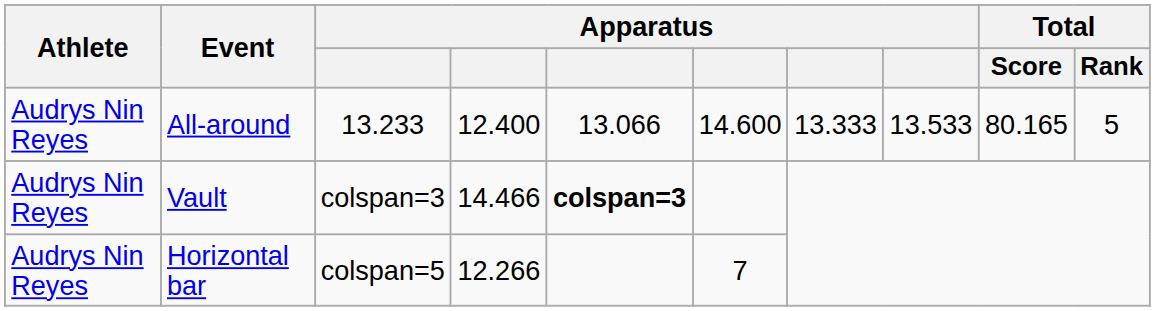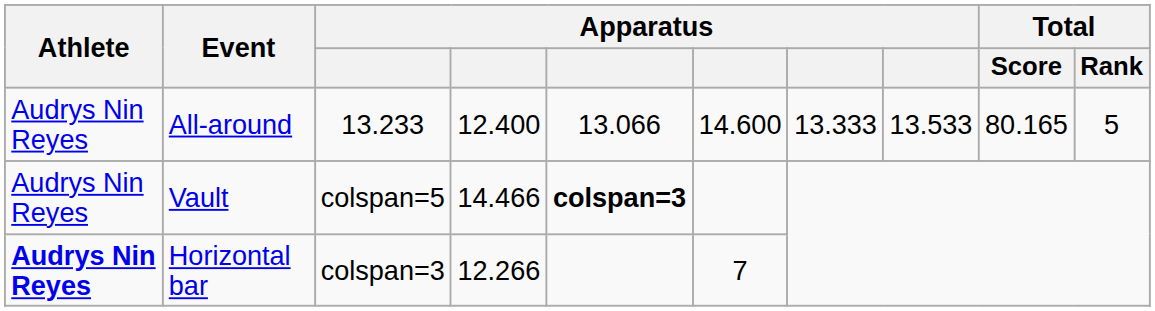 <table class=wikitable style=font-size:90%;text-align:center>
 <tr>
 <th rowspan=2>Athlete</th>
 <th rowspan=2>Event</th>
 <th colspan=6>Apparatus</th>
 <th colspan=2>Total</th>
 </tr>
 <tr style=font-size:95%>
 <th></th>
 <th></th>
 <th></th>
 <th></th>
 <th></th>
 <th></th>
 <th>Score</th>
 <th>Rank</th>
 </tr>
 <tr>
 <td align=left><a href='#'>Audrys Nin Reyes</a></td>
 <td align=left><a href='#'>All-around</a></td>
 <td>13.233</td>
 <td>12.400</td>
 <td>13.066</td>
 <td>14.600</td>
 <td>13.333</td>
 <td>13.533</td>
 <td>80.165</td>
 <td>5</td>
 </tr>
 <tr>
 <td align=left><a href='#'>Audrys Nin Reyes</a></td>
 <td align=left><a href='#'>Vault</a></td>
-<td>colspan=3 </td>
+<td>colspan=5 </td>
 <td>14.466</td>
 <td><strong>colspan=3 </strong></td>
 <td></td>
 </tr>
 <tr>
-<td align=left><a href='#'>Audrys Nin Reyes</a></td>
+<td align=left><strong><a href='#'>Audrys Nin Reyes</a></strong></td>
 <td align=left><a href='#'>Horizontal bar</a></td>
-<td>colspan=5 </td>
+<td>colspan=3 </td>
 <td>12.266</td>
 <td></td>
 <td>7</td>
 </tr>
 </table>
